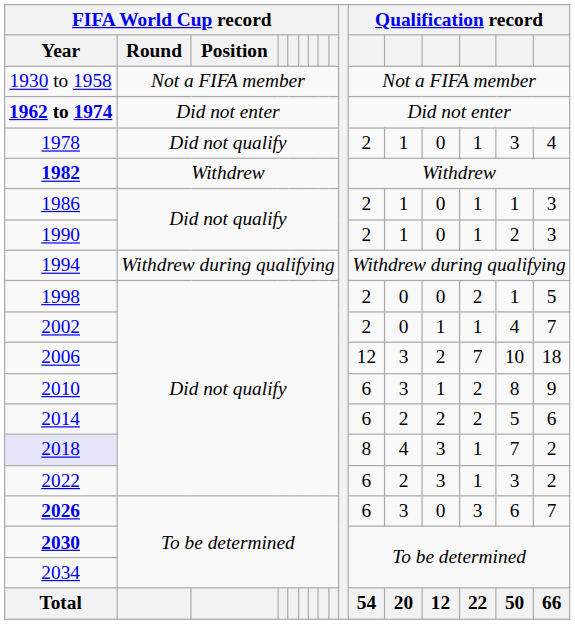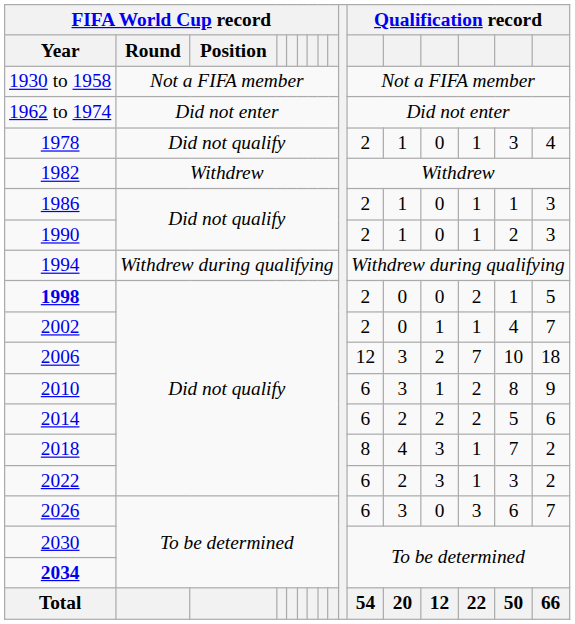 <table class="wikitable" style="text-align: center;">
 <tr>
 <th colspan=9><a href='#'>FIFA World Cup</a> record</th>
 <th rowspan=41></th>
 <th colspan=7><a href='#'>Qualification</a> record</th>
 </tr>
 <tr>
 <th>Year</th>
 <th>Round</th>
 <th>Position</th>
 <th></th>
 <th></th>
 <th></th>
 <th></th>
 <th></th>
 <th></th>
 <th></th>
 <th></th>
 <th></th>
 <th></th>
 <th></th>
 <th></th>
 </tr>
 <tr>
 <td><a href='#'>1930</a> to <a href='#'>1958</a></td>
 <td colspan=8><em>Not a FIFA member</em></td>
 <td colspan=6><em>Not a FIFA member</em></td>
 </tr>
 <tr>
-<td><strong><a href='#'>1962</a> to <a href='#'>1974</a></strong></td>
+<td><a href='#'>1962</a> to <a href='#'>1974</a></td>
 <td colspan=8><em>Did not enter</em></td>
 <td colspan=6><em>Did not enter</em></td>
 </tr>
 <tr>
 <td> <a href='#'>1978</a></td>
 <td colspan=8><em>Did not qualify</em></td>
 <td>2</td>
 <td>1</td>
 <td>0</td>
 <td>1</td>
 <td>3</td>
 <td>4</td>
 </tr>
 <tr>
-<td><strong> <a href='#'>1982</a></strong></td>
+<td> <a href='#'>1982</a></td>
 <td colspan=8><em>Withdrew</em></td>
 <td colspan=6><em>Withdrew</em></td>
 </tr>
 <tr>
 <td> <a href='#'>1986</a></td>
 <td colspan=8 rowspan=2><em>Did not qualify</em></td>
 <td>2</td>
 <td>1</td>
 <td>0</td>
 <td>1</td>
 <td>1</td>
 <td>3</td>
 </tr>
 <tr>
 <td> <a href='#'>1990</a></td>
 <td>2</td>
 <td>1</td>
 <td>0</td>
 <td>1</td>
 <td>2</td>
 <td>3</td>
 </tr>
 <tr>
 <td> <a href='#'>1994</a></td>
 <td colspan=8><em>Withdrew during qualifying</em></td>
 <td colspan=6><em>Withdrew during qualifying</em></td>
 </tr>
 <tr>
-<td> <a href='#'>1998</a></td>
+<td><strong> <a href='#'>1998</a></strong></td>
 <td colspan=8 rowspan=7><em>Did not qualify</em></td>
 <td>2</td>
 <td>0</td>
 <td>0</td>
 <td>2</td>
 <td>1</td>
 <td>5</td>
 </tr>
 <tr>
 <td>  <a href='#'>2002</a></td>
 <td>2</td>
 <td>0</td>
 <td>1</td>
 <td>1</td>
 <td>4</td>
 <td>7</td>
 </tr>
 <tr>
 <td> <a href='#'>2006</a></td>
 <td>12</td>
 <td>3</td>
 <td>2</td>
 <td>7</td>
 <td>10</td>
 <td>18</td>
 </tr>
 <tr>
 <td> <a href='#'>2010</a></td>
 <td>6</td>
 <td>3</td>
 <td>1</td>
 <td>2</td>
 <td>8</td>
 <td>9</td>
 </tr>
 <tr>
 <td> <a href='#'>2014</a></td>
 <td>6</td>
 <td>2</td>
 <td>2</td>
 <td>2</td>
 <td>5</td>
 <td>6</td>
 </tr>
 <tr>
-<td style="background: lavender;"> <a href='#'>2018</a></td>
+<td> <a href='#'>2018</a></td>
 <td>8</td>
 <td>4</td>
 <td>3</td>
 <td>1</td>
 <td>7</td>
 <td>2</td>
 </tr>
 <tr>
 <td> <a href='#'>2022</a></td>
 <td>6</td>
 <td>2</td>
 <td>3</td>
 <td>1</td>
 <td>3</td>
 <td>2</td>
 </tr>
 <tr>
-<td><strong>   <a href='#'>2026</a></strong></td>
+<td>   <a href='#'>2026</a></td>
 <td colspan=8 rowspan=3><em>To be determined</em></td>
 <td>6</td>
 <td>3</td>
 <td>0</td>
 <td>3</td>
 <td>6</td>
 <td>7</td>
 </tr>
 <tr>
-<td><strong>   <a href='#'>2030</a></strong></td>
+<td>   <a href='#'>2030</a></td>
 <td colspan=6 rowspan=2><em>To be determined</td>
 </tr>
 <tr>
-<td> <a href='#'>2034</a></td>
+<td><strong> <a href='#'>2034</a></strong></td>
 </tr>
 <tr>
 <th>Total</th>
 <th></th>
 <th></th>
 <th></th>
 <th></th>
 <th></th>
 <th></th>
 <th></th>
 <th></th>
 <th>54</th>
 <th>20</th>
 <th>12</th>
 <th>22</th>
 <th>50</th>
 <th>66</th>
 </tr>
 </table>
